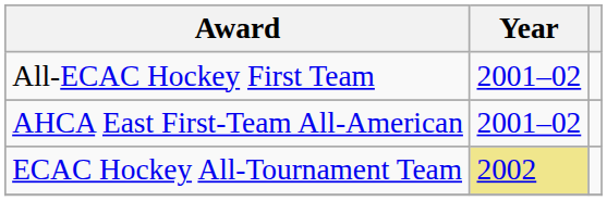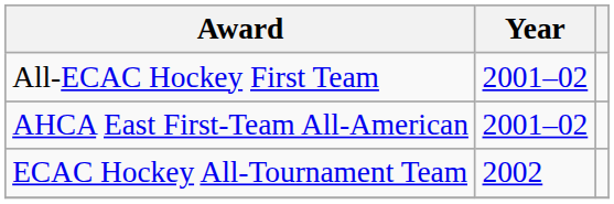 <table class="wikitable">
 <tr>
 <th>Award</th>
 <th>Year</th>
 <th></th>
 </tr>
 <tr>
 <td>All-<a href='#'>ECAC Hockey</a> <a href='#'>First Team</a></td>
 <td><a href='#'>2001–02</a></td>
 <td></td>
 </tr>
 <tr>
 <td><a href='#'>AHCA</a> <a href='#'>East First-Team All-American</a></td>
 <td><a href='#'>2001–02</a></td>
 <td></td>
 </tr>
 <tr>
 <td><a href='#'>ECAC Hockey</a> <a href='#'>All-Tournament Team</a></td>
-<td style="background: khaki;"><a href='#'>2002</a></td>
+<td><a href='#'>2002</a></td>
 <td></td>
 </tr>
 <tr>
 </tr>
 </table>
